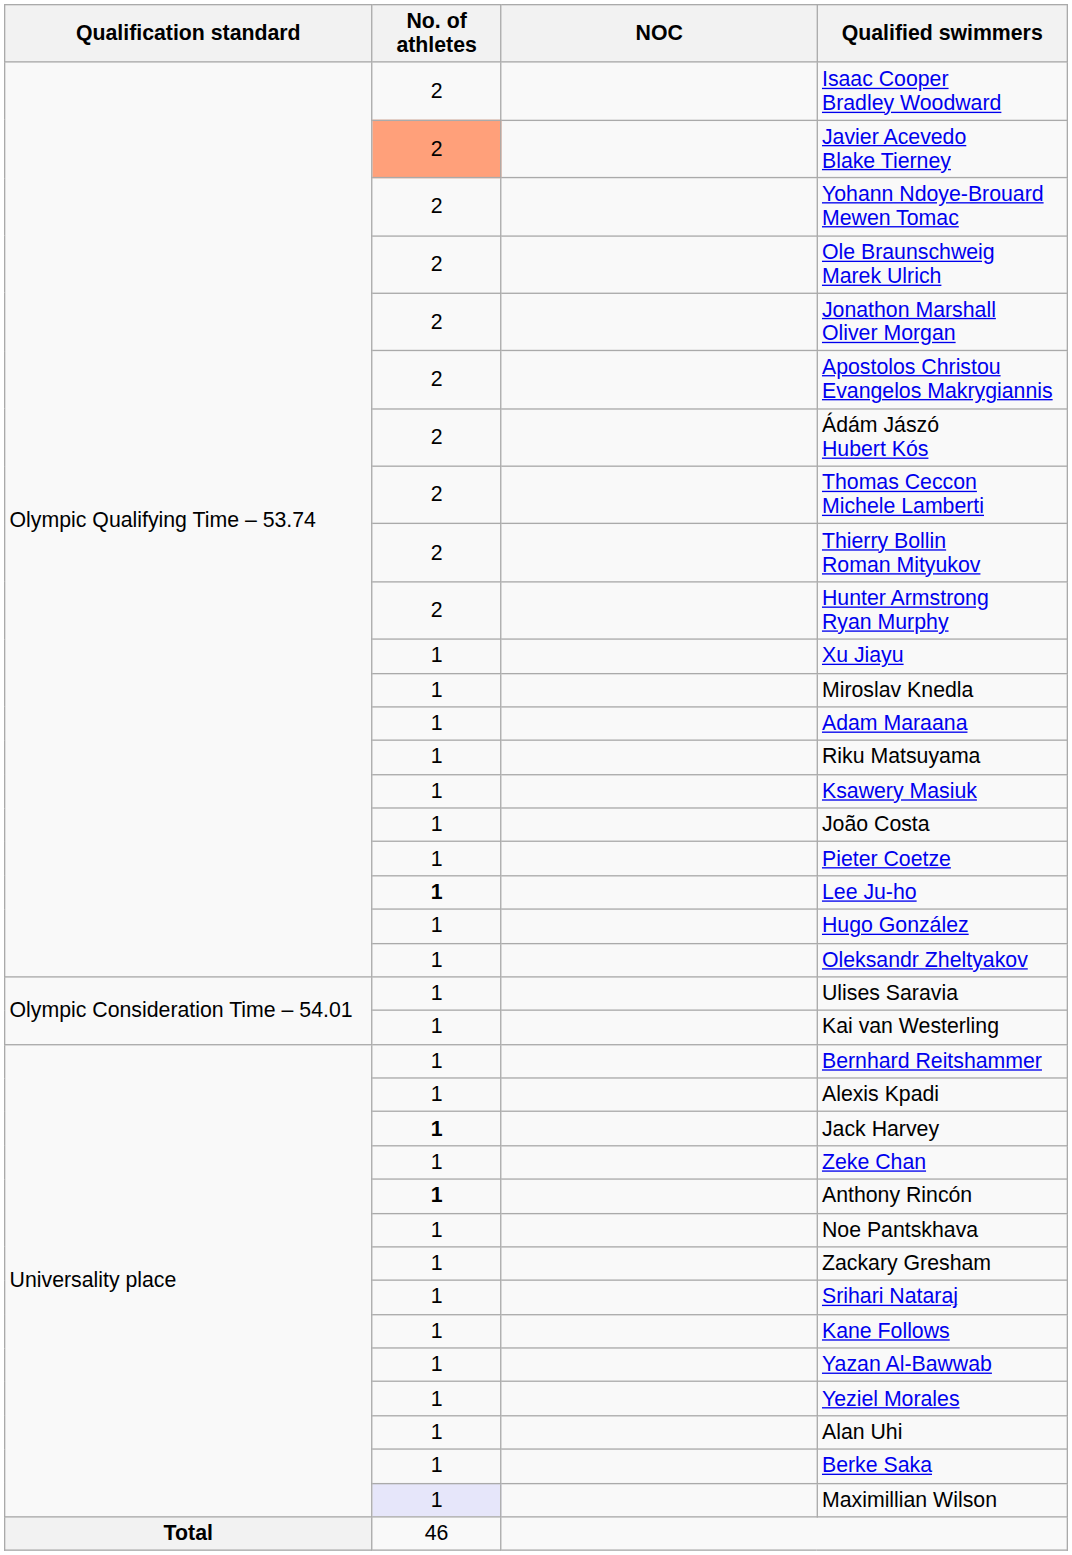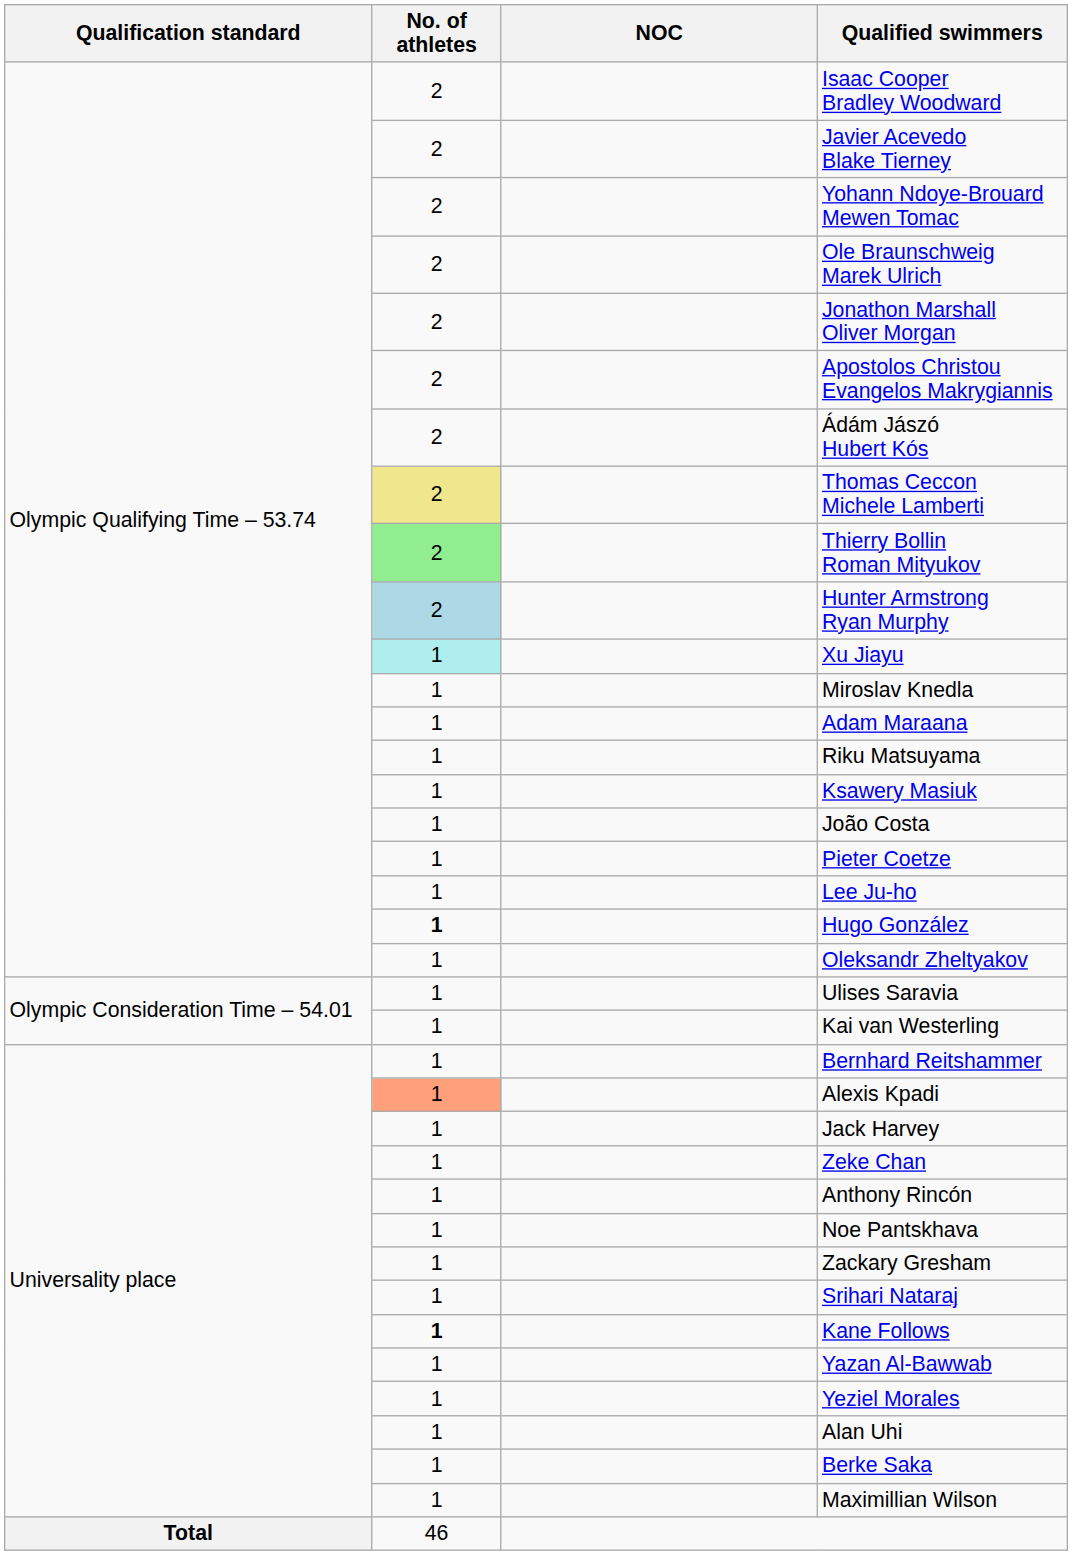 <table class=wikitable style="text-align:left" width=800>
 <tr>
 <th scope="col">Qualification standard</th>
 <th scope="col" width =90>No. of athletes</th>
 <th scope="col" width =230>NOC</th>
 <th scope="col">Qualified swimmers</th>
 </tr>
 <tr>
 <td rowspan=20>Olympic Qualifying Time – 53.74</td>
 <td align=center>2</td>
 <td></td>
 <td><a href='#'>Isaac Cooper</a><br><a href='#'>Bradley Woodward</a></td>
 </tr>
 <tr>
-<td align=center style="background: lightsalmon;">2</td>
+<td align=center>2</td>
 <td></td>
 <td><a href='#'>Javier Acevedo</a><br><a href='#'>Blake Tierney</a></td>
 </tr>
 <tr>
 <td align=center>2</td>
 <td></td>
 <td><a href='#'>Yohann Ndoye-Brouard</a><br><a href='#'>Mewen Tomac</a></td>
 </tr>
 <tr>
 <td align=center>2</td>
 <td></td>
 <td><a href='#'>Ole Braunschweig</a><br><a href='#'>Marek Ulrich</a></td>
 </tr>
 <tr>
 <td align=center>2</td>
 <td></td>
 <td><a href='#'>Jonathon Marshall</a><br><a href='#'>Oliver Morgan</a></td>
 </tr>
 <tr>
 <td align=center>2</td>
 <td></td>
 <td><a href='#'>Apostolos Christou</a><br><a href='#'>Evangelos Makrygiannis</a></td>
 </tr>
 <tr>
 <td align=center>2</td>
 <td></td>
 <td>Ádám Jászó<br><a href='#'>Hubert Kós</a></td>
 </tr>
 <tr>
-<td align=center>2</td>
+<td align=center style="background: khaki;">2</td>
 <td></td>
 <td><a href='#'>Thomas Ceccon</a><br><a href='#'>Michele Lamberti</a></td>
 </tr>
 <tr>
-<td align=center>2</td>
+<td align=center style="background: lightgreen;">2</td>
 <td></td>
 <td><a href='#'>Thierry Bollin</a><br><a href='#'>Roman Mityukov</a></td>
 </tr>
 <tr>
-<td align=center>2</td>
+<td align=center style="background: lightblue;">2</td>
 <td></td>
 <td><a href='#'>Hunter Armstrong</a><br><a href='#'>Ryan Murphy</a></td>
 </tr>
 <tr>
-<td align=center>1</td>
+<td align=center style="background: paleturquoise;">1</td>
 <td></td>
 <td><a href='#'>Xu Jiayu</a></td>
 </tr>
 <tr>
 <td align=center>1</td>
 <td></td>
 <td>Miroslav Knedla</td>
 </tr>
 <tr>
 <td align=center>1</td>
 <td></td>
 <td><a href='#'>Adam Maraana</a></td>
 </tr>
 <tr>
 <td align=center>1</td>
 <td></td>
 <td>Riku Matsuyama</td>
 </tr>
 <tr>
 <td align=center>1</td>
 <td></td>
 <td><a href='#'>Ksawery Masiuk</a></td>
 </tr>
 <tr>
 <td align=center>1</td>
 <td></td>
 <td>João Costa</td>
 </tr>
 <tr>
 <td align=center>1</td>
 <td></td>
 <td><a href='#'>Pieter Coetze</a></td>
 </tr>
 <tr>
-<td align=center><strong>1</strong></td>
+<td align=center>1</td>
 <td></td>
 <td><a href='#'>Lee Ju-ho</a></td>
 </tr>
 <tr>
-<td align=center>1</td>
+<td align=center><strong>1</strong></td>
 <td></td>
 <td><a href='#'>Hugo González</a></td>
 </tr>
 <tr>
 <td align=center>1</td>
 <td></td>
 <td><a href='#'>Oleksandr Zheltyakov</a></td>
 </tr>
 <tr>
 <td rowspan=2>Olympic Consideration Time – 54.01</td>
 <td align=center>1</td>
 <td></td>
 <td>Ulises Saravia</td>
 </tr>
 <tr>
 <td align=center>1</td>
 <td></td>
 <td>Kai van Westerling</td>
 </tr>
 <tr>
 <td rowspan=14>Universality place</td>
 <td align=center>1</td>
 <td></td>
 <td><a href='#'>Bernhard Reitshammer</a></td>
 </tr>
 <tr>
-<td align=center>1</td>
+<td align=center style="background: lightsalmon;">1</td>
 <td></td>
 <td>Alexis Kpadi</td>
 </tr>
 <tr>
-<td align=center><strong>1</strong></td>
+<td align=center>1</td>
 <td></td>
 <td>Jack Harvey</td>
 </tr>
 <tr>
 <td align=center>1</td>
 <td></td>
 <td><a href='#'>Zeke Chan</a></td>
 </tr>
 <tr>
-<td align=center><strong>1</strong></td>
+<td align=center>1</td>
 <td></td>
 <td>Anthony Rincón</td>
 </tr>
 <tr>
 <td align=center>1</td>
 <td></td>
 <td>Noe Pantskhava</td>
 </tr>
 <tr>
 <td align=center>1</td>
 <td></td>
 <td>Zackary Gresham</td>
 </tr>
 <tr>
 <td align=center>1</td>
 <td></td>
 <td><a href='#'>Srihari Nataraj</a></td>
 </tr>
 <tr>
-<td align=center>1</td>
+<td align=center><strong>1</strong></td>
 <td></td>
 <td><a href='#'>Kane Follows</a></td>
 </tr>
 <tr>
 <td align=center>1</td>
 <td></td>
 <td><a href='#'>Yazan Al-Bawwab</a></td>
 </tr>
 <tr>
 <td align=center>1</td>
 <td></td>
 <td><a href='#'>Yeziel Morales</a></td>
 </tr>
 <tr>
 <td align=center>1</td>
 <td></td>
 <td>Alan Uhi</td>
 </tr>
 <tr>
 <td align=center>1</td>
 <td></td>
 <td><a href='#'>Berke Saka</a></td>
 </tr>
 <tr>
-<td align=center style="background: lavender;">1</td>
+<td align=center>1</td>
 <td></td>
 <td>Maximillian Wilson</td>
 </tr>
 <tr>
 <th scope="row">Total</th>
 <td align=center>46</td>
 <td colspan=2></td>
 </tr>
 </table>
